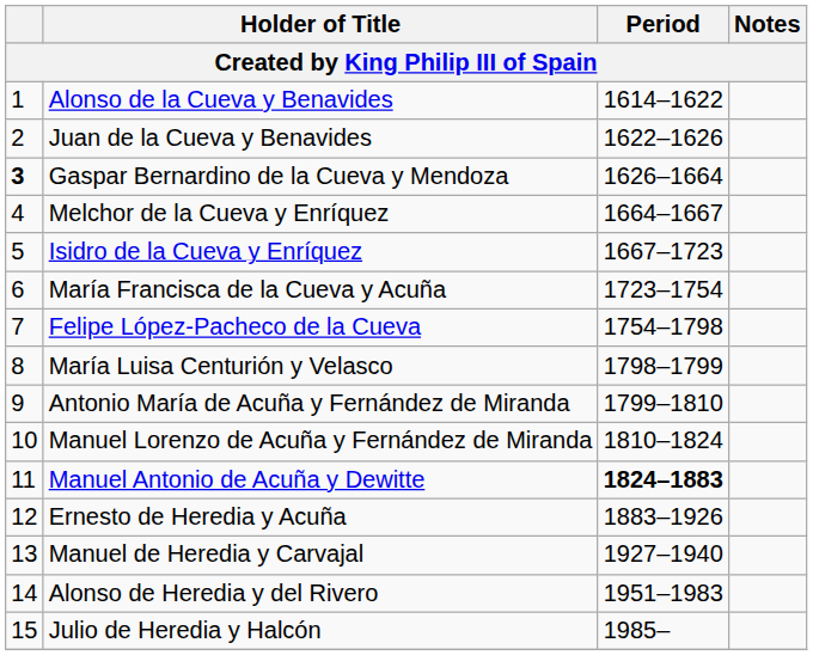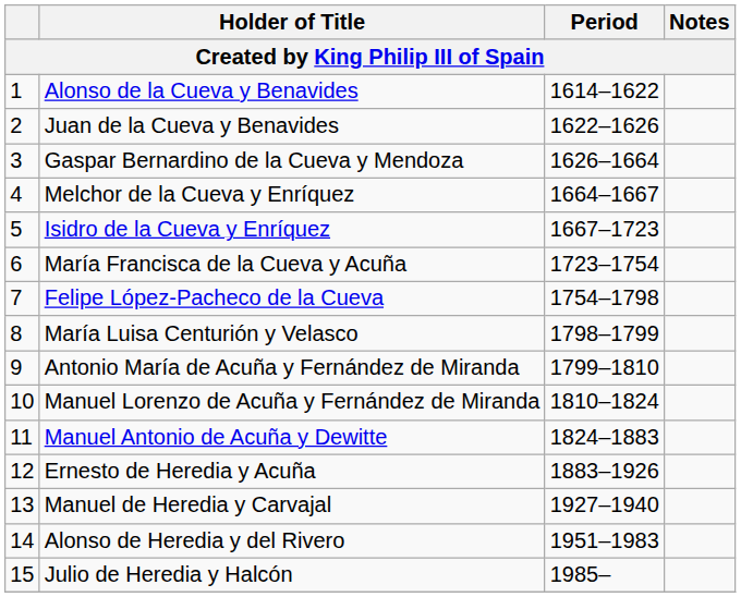 <table class="wikitable">
 <tr>
 <th></th>
 <th>Holder of Title</th>
 <th>Period</th>
 <th>Notes</th>
 </tr>
 <tr bgcolor="#dddddd" |>
 <th colspan="5">Created by <a href='#'>King Philip III of Spain</a></th>
 </tr>
 <tr>
 <td>1</td>
 <td><a href='#'>Alonso de la Cueva y Benavides</a></td>
 <td>1614–1622</td>
 <td></td>
 </tr>
 <tr>
 <td>2</td>
 <td>Juan de la Cueva y Benavides</td>
 <td>1622–1626</td>
 <td></td>
 </tr>
 <tr>
-<td><strong>3</strong></td>
+<td>3</td>
 <td>Gaspar Bernardino de la Cueva y Mendoza</td>
 <td>1626–1664</td>
 <td></td>
 </tr>
 <tr>
 <td>4</td>
 <td>Melchor de la Cueva y Enríquez</td>
 <td>1664–1667</td>
 <td></td>
 </tr>
 <tr>
 <td>5</td>
 <td><a href='#'>Isidro de la Cueva y Enríquez</a></td>
 <td>1667–1723</td>
 <td></td>
 </tr>
 <tr>
 <td>6</td>
 <td>María Francisca de la Cueva y Acuña</td>
 <td>1723–1754</td>
 <td></td>
 </tr>
 <tr>
 <td>7</td>
 <td><a href='#'>Felipe López-Pacheco de la Cueva</a></td>
 <td>1754–1798</td>
 <td></td>
 </tr>
 <tr>
 <td>8</td>
 <td>María Luisa Centurión y Velasco</td>
 <td>1798–1799</td>
 <td></td>
 </tr>
 <tr>
 <td>9</td>
 <td>Antonio María de Acuña y Fernández de Miranda</td>
 <td>1799–1810</td>
 <td></td>
 </tr>
 <tr>
 <td>10</td>
 <td>Manuel Lorenzo de Acuña y Fernández de Miranda</td>
 <td>1810–1824</td>
 <td></td>
 </tr>
 <tr>
 <td>11</td>
 <td><a href='#'>Manuel Antonio de Acuña y Dewitte</a></td>
-<td><strong>1824–1883</strong></td>
+<td>1824–1883</td>
 <td></td>
 </tr>
 <tr>
 <td>12</td>
 <td>Ernesto de Heredia y Acuña</td>
 <td>1883–1926</td>
 <td></td>
 </tr>
 <tr>
 <td>13</td>
 <td>Manuel de Heredia y Carvajal</td>
 <td>1927–1940</td>
 <td></td>
 </tr>
 <tr>
 <td>14</td>
 <td>Alonso de Heredia y del Rivero</td>
 <td>1951–1983</td>
 <td></td>
 </tr>
 <tr>
 <td>15</td>
 <td>Julio de Heredia y Halcón</td>
 <td>1985–</td>
 <td></td>
 </tr>
 <tr>
 </tr>
 </table>
